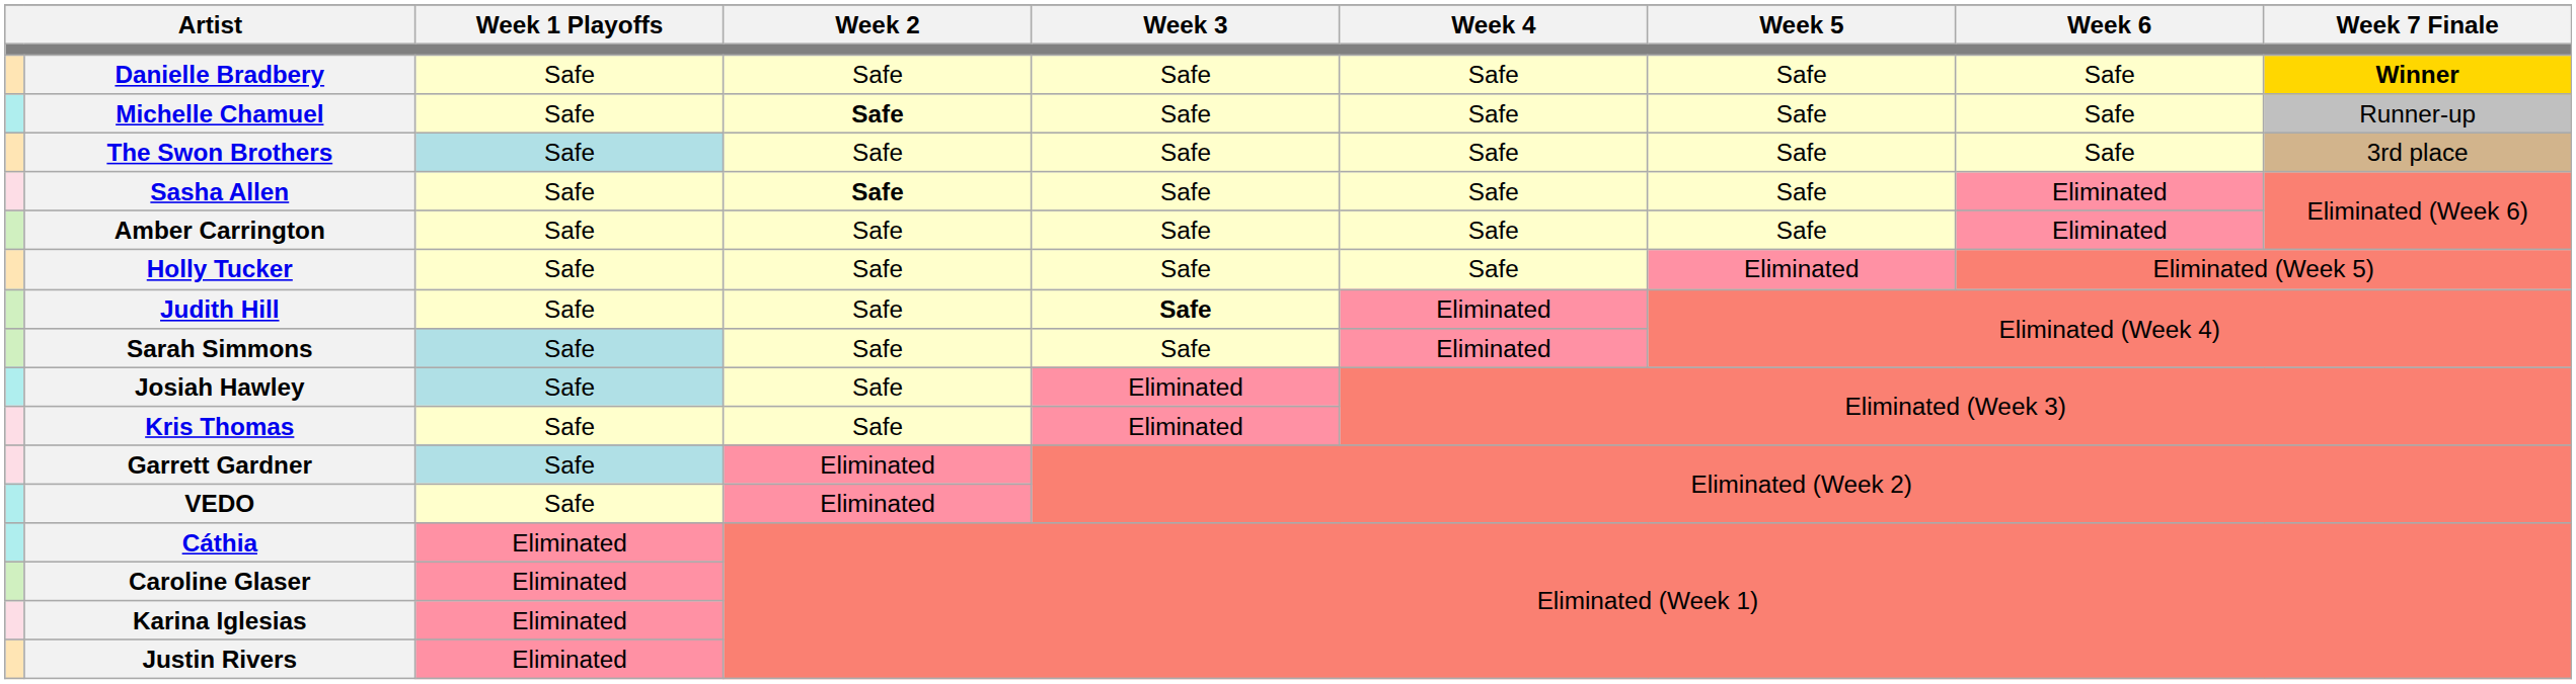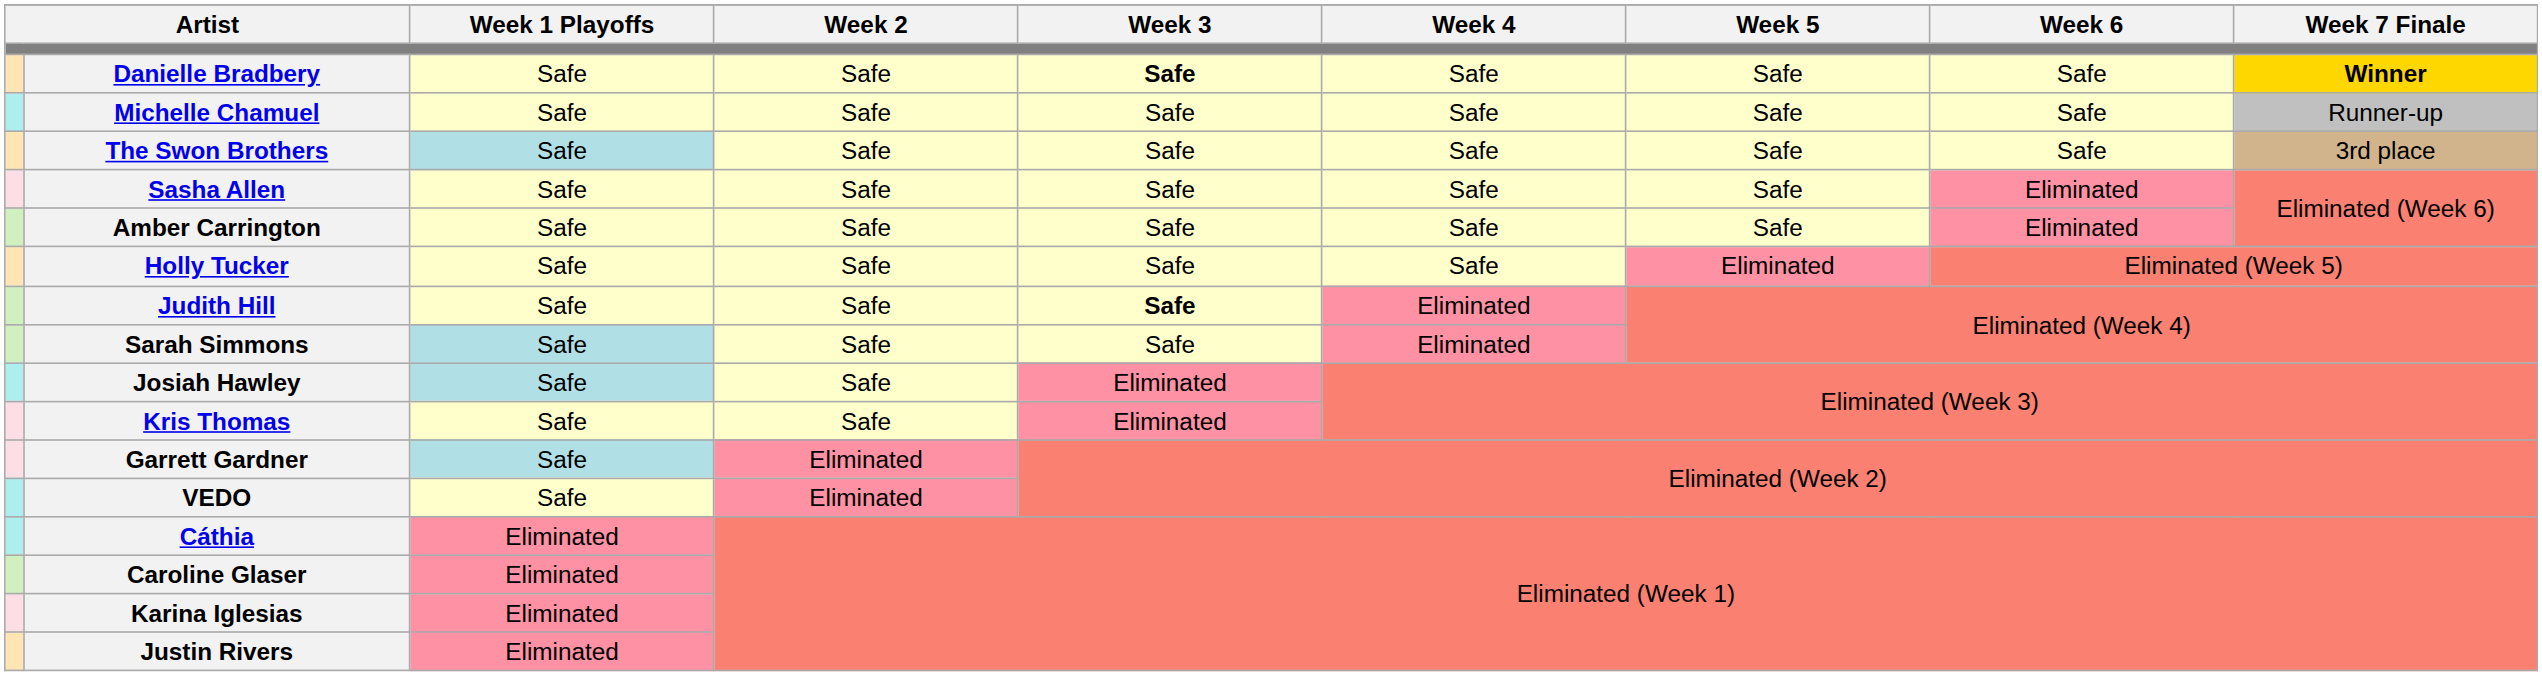 <table class="wikitable"  style="text-align:center; font-size:95%; width:100%;">
 <tr>
 </tr>
 <tr>
 <th colspan="2">Artist</th>
 <th style="width:12%;">Week 1 Playoffs</th>
 <th style="width:12%;">Week 2</th>
 <th style="width:12%;">Week 3</th>
 <th style="width:12%;">Week 4</th>
 <th style="width:12%;">Week 5</th>
 <th style="width:12%;">Week 6</th>
 <th style="width:12%;">Week 7 Finale</th>
 </tr>
 <tr>
 <th colspan="9" style="background:gray;"></th>
 </tr>
 <tr>
 <td style="background:#ffe5b4;"></td>
 <th><a href='#'>Danielle Bradbery</a></th>
 <td style="background:#ffc;">Safe</td>
 <td style="background:#ffc;">Safe</td>
-<td style="background:#FFFFCC;">Safe</td>
+<td style="background:#FFFFCC;"><strong>Safe</strong></td>
 <td style="background:#ffc;">Safe</td>
 <td style="background:#ffc;">Safe</td>
 <td style="background:#FFFFCC;">Safe</td>
 <th style="background:Gold">Winner</th>
 </tr>
 <tr>
 <td style="background:#afeeee;"></td>
 <th><a href='#'>Michelle Chamuel</a></th>
 <td style="background:#ffc;">Safe</td>
-<td style="background:#ffc;"><strong>Safe</strong></td>
+<td style="background:#ffc;">Safe</td>
 <td style="background:#ffc;">Safe</td>
 <td style="background:#ffc;">Safe</td>
 <td style="background:#FFFFCC;">Safe</td>
 <td style="background:#ffc;">Safe</td>
 <td style="background:Silver;">Runner-up</td>
 </tr>
 <tr>
 <td style="background:#ffe5b4;"></td>
 <th><a href='#'>The Swon Brothers</a></th>
 <td style="background:#B0E0E6;">Safe</td>
 <td style="background:#ffc;">Safe</td>
 <td style="background:#ffc;">Safe</td>
 <td style="background:#ffc;">Safe</td>
 <td style="background:#ffc;">Safe</td>
 <td style="background:#FFFFCC;">Safe</td>
 <td style="background:Tan;">3rd place</td>
 </tr>
 <tr>
 <td style="background:#FDDDE6;"></td>
 <th><a href='#'>Sasha Allen</a></th>
 <td style="background:#ffc;">Safe</td>
-<td style="background:#ffc;"><strong>Safe</strong></td>
+<td style="background:#ffc;">Safe</td>
 <td style="background:#ffc;">Safe</td>
 <td style="background:#ffc;">Safe</td>
 <td style="background:#ffc;">Safe</td>
 <td style="background:#FF91A4;">Eliminated</td>
 <td rowspan="2" colspan="4" style="background:salmon;">Eliminated (Week 6)</td>
 </tr>
 <tr>
 <td style="background:#d0f0c0;"></td>
 <th>Amber Carrington</th>
 <td style="background:#ffc;">Safe</td>
 <td style="background:#ffc;">Safe</td>
 <td style="background:#ffc;">Safe</td>
 <td style="background:#ffc;">Safe</td>
 <td style="background:#ffc;">Safe</td>
 <td style="background:#FF91A4;">Eliminated</td>
 </tr>
 <tr>
 <td style="background:#ffe5b4;"></td>
 <th><a href='#'>Holly Tucker</a></th>
 <td style="background:#ffc;">Safe</td>
 <td style="background:#ffc;">Safe</td>
 <td style="background:#ffc;">Safe</td>
 <td style="background:#ffc;">Safe</td>
 <td style="background:#FF91A4;">Eliminated</td>
 <td colspan="2" style="background:salmon;">Eliminated (Week 5)</td>
 </tr>
 <tr>
 <td style="background:#d0f0c0;"></td>
 <th><a href='#'>Judith Hill</a></th>
 <td style="background:#ffc;">Safe</td>
 <td style="background:#ffc;">Safe</td>
 <td style="background:#ffc;"><strong>Safe</strong></td>
 <td style="background:#FF91A4;">Eliminated</td>
 <td rowspan="2" colspan="4" style="background:salmon;">Eliminated (Week 4)</td>
 </tr>
 <tr>
 <td style="background:#d0f0c0;"></td>
 <th>Sarah Simmons</th>
 <td style="background:#B0E0E6;">Safe</td>
 <td style="background:#ffc;">Safe</td>
 <td style="background:#ffc;">Safe</td>
 <td style="background:#FF91A4;">Eliminated</td>
 </tr>
 <tr>
 <td style="background:#afeeee;"></td>
 <th>Josiah Hawley</th>
 <td style="background:#B0E0E6;">Safe</td>
 <td style="background:#ffc;">Safe</td>
 <td style="background:#FF91A4;">Eliminated</td>
 <td rowspan="2" colspan="5" style="background:salmon;">Eliminated (Week 3)</td>
 </tr>
 <tr>
 <td style="background:#FDDDE6;"></td>
 <th><a href='#'>Kris Thomas</a></th>
 <td style="background:#ffc;">Safe</td>
 <td style="background:#ffc;">Safe</td>
 <td style="background:#FF91A4;">Eliminated</td>
 </tr>
 <tr>
 <td style="background:#FDDDE6;"></td>
 <th>Garrett Gardner</th>
 <td style="background:#B0E0E6;">Safe</td>
 <td style="background:#FF91A4;">Eliminated</td>
 <td rowspan="2" colspan="5" style="background:salmon;">Eliminated (Week 2)</td>
 </tr>
 <tr>
 <td style="background:#afeeee;"></td>
 <th>VEDO</th>
 <td style="background:#ffc;">Safe</td>
 <td style="background:#FF91A4;">Eliminated</td>
 </tr>
 <tr>
 <td style="background:#afeeee;"></td>
 <th><a href='#'>Cáthia</a></th>
 <td style="background:#FF91A4;">Eliminated</td>
 <td rowspan="4" colspan="6" style="background:salmon;">Eliminated (Week 1)</td>
 </tr>
 <tr>
 <td style="background:#d0f0c0;"></td>
 <th>Caroline Glaser</th>
 <td style="background:#FF91A4;">Eliminated</td>
 </tr>
 <tr>
 <td style="background:#FDDDE6;"></td>
 <th>Karina Iglesias</th>
 <td style="background:#FF91A4;">Eliminated</td>
 </tr>
 <tr>
 <td style="background:#ffe5b4;"></td>
 <th>Justin Rivers</th>
 <td style="background:#FF91A4;">Eliminated</td>
 </tr>
 </table>
